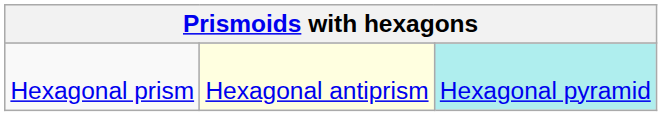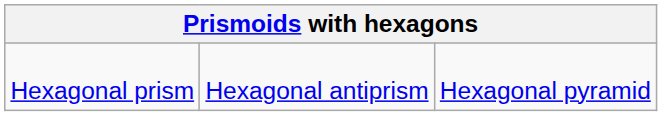 <table class="wikitable collapsible collapsed" style="text-align:center;">
 <tr>
 <th colspan=12><a href='#'>Prismoids</a> with hexagons</th>
 </tr>
 <tr valign=top>
 <td><br><a href='#'>Hexagonal prism</a></td>
-<td style="background: lightyellow;"><br><a href='#'>Hexagonal antiprism</a></td>
-<td style="background: paleturquoise;"><br><a href='#'>Hexagonal pyramid</a></td>
+<td><br><a href='#'>Hexagonal antiprism</a></td>
+<td><br><a href='#'>Hexagonal pyramid</a></td>
 </tr>
 </table>
